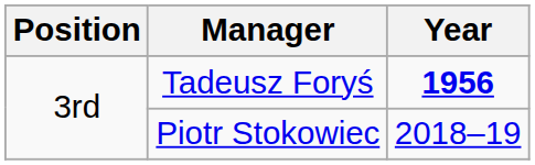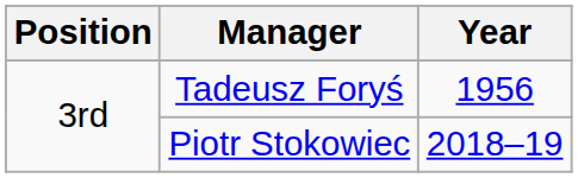 <table class="wikitable" style="text-align: center">
 <tr>
 <th>Position</th>
 <th>Manager</th>
 <th>Year</th>
 </tr>
 <tr>
 <td rowspan=2>3rd</td>
 <td><a href='#'>Tadeusz Foryś</a></td>
-<td><strong><a href='#'>1956</a></strong></td>
+<td><a href='#'>1956</a></td>
 </tr>
 <tr>
 <td><a href='#'>Piotr Stokowiec</a></td>
 <td><a href='#'>2018–19</a></td>
 </tr>
 </table>
